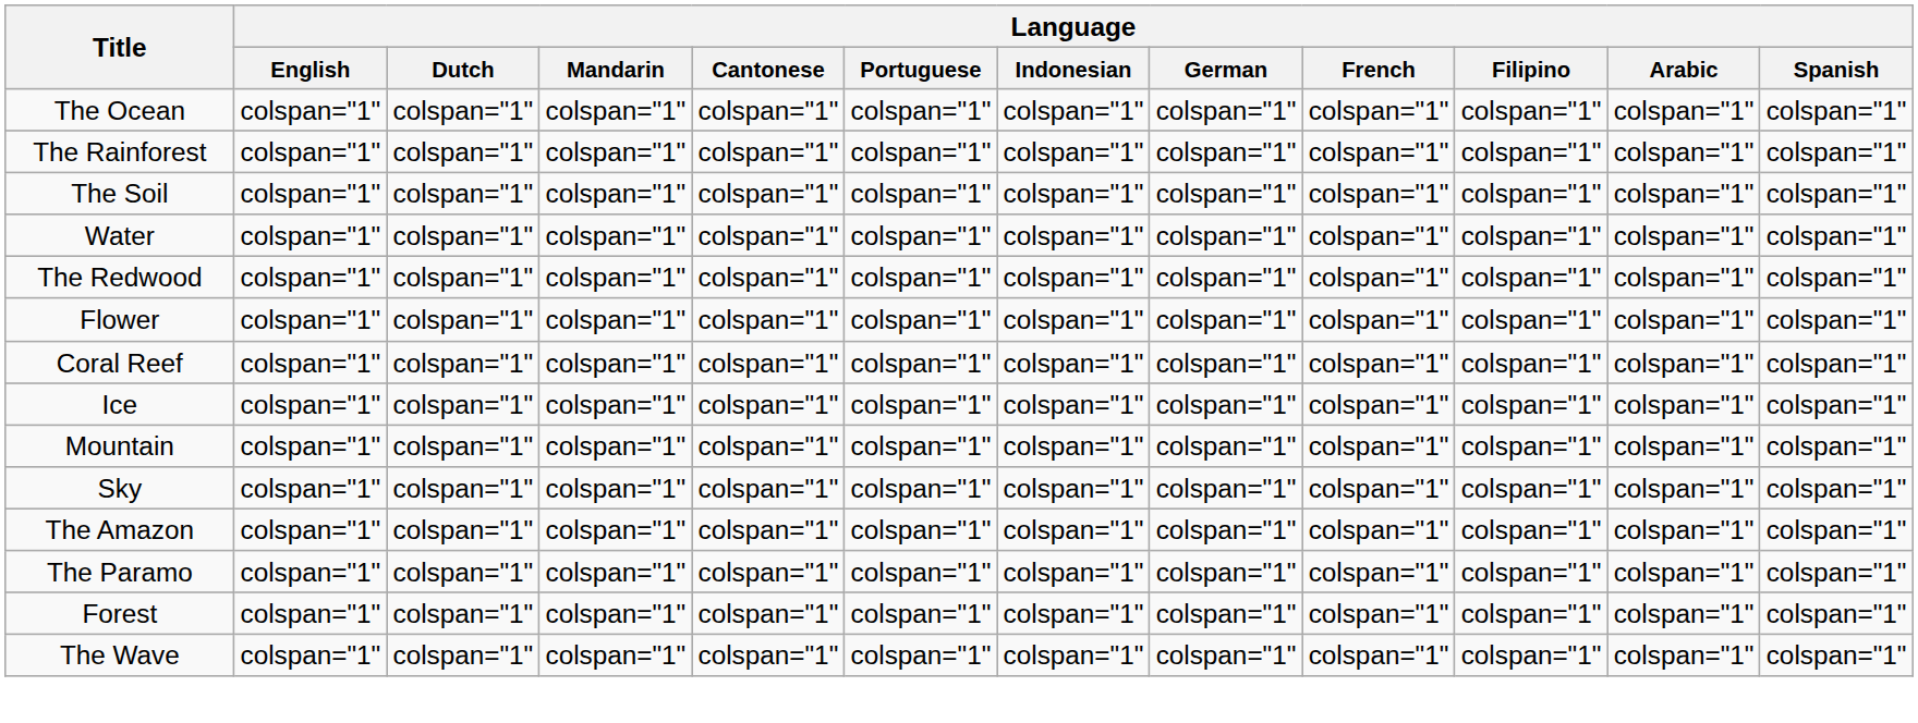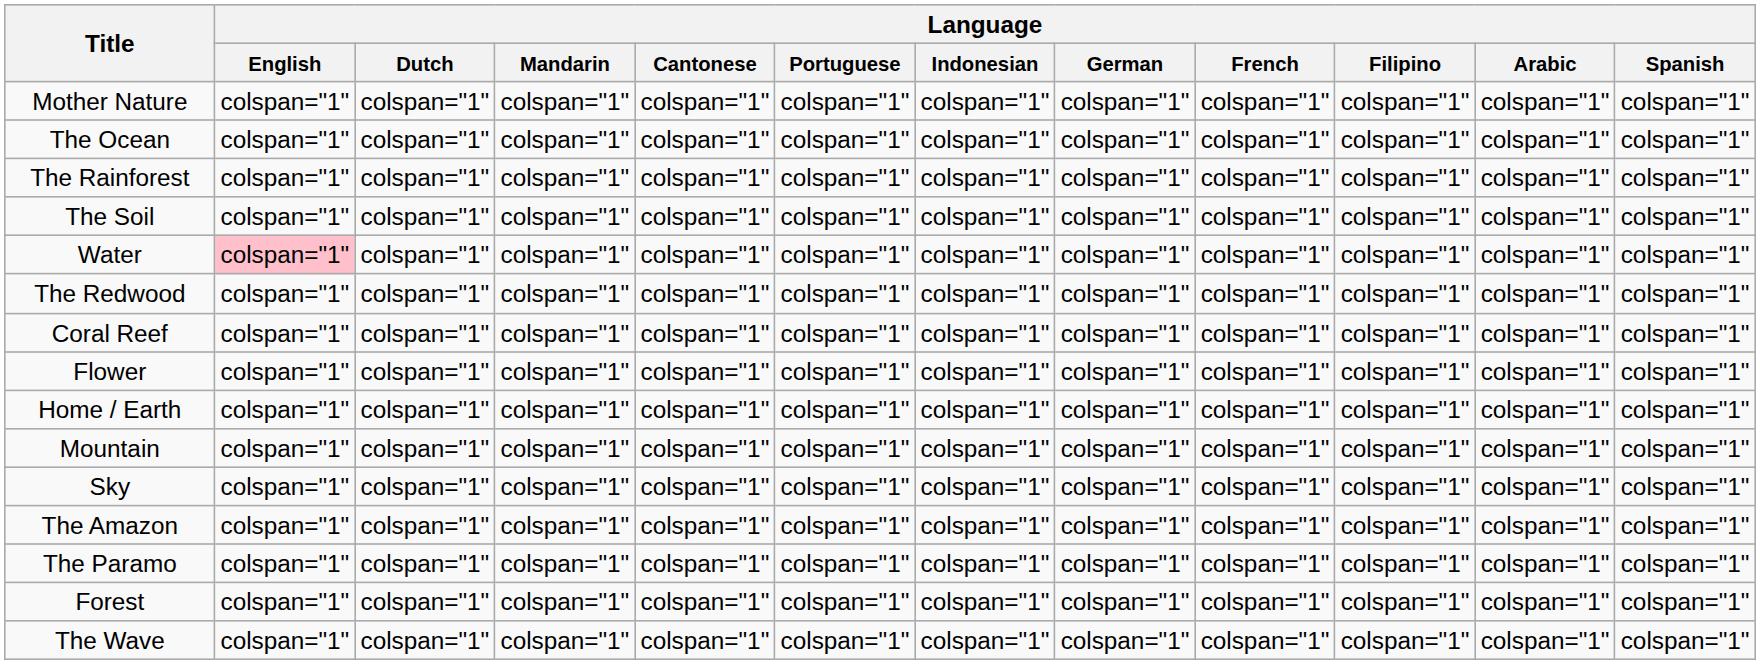 <table class="wikitable"style="font-size:95%">
 <tr>
 <th rowspan="2">Title</th>
 <th colspan="11">Language</th>
 </tr>
 <tr>
 <th style="width:8%;"><small>English</small></th>
 <th style="width:8%;"><small>Dutch</small></th>
 <th style="width:8%;"><small>Mandarin</small></th>
 <th style="width:8%;"><small>Cantonese</small></th>
 <th style="width:8%;"><small>Portuguese</small></th>
 <th style="width:8%;"><small>Indonesian</small></th>
 <th style="width:8%;"><small>German</small></th>
 <th style="width:8%;"><small>French</small></th>
 <th style="width:8%;"><small>Filipino</small></th>
 <th style="width:8%;"><small>Arabic</small></th>
 <th style="width:8%;"><small>Spanish</small></th>
+</tr>
+<tr>
+<td style="text-align: center;">Mother Nature</td>
+<td>colspan="1" </td>
+<td>colspan="1" </td>
+<td>colspan="1" </td>
+<td>colspan="1" </td>
+<td>colspan="1" </td>
+<td>colspan="1" </td>
+<td>colspan="1" </td>
+<td>colspan="1" </td>
+<td>colspan="1" </td>
+<td>colspan="1" </td>
+<td>colspan="1" </td>
 </tr>
 <tr>
 <td style="text-align: center;">The Ocean</td>
 <td>colspan="1" </td>
 <td>colspan="1" </td>
 <td>colspan="1" </td>
 <td>colspan="1" </td>
 <td>colspan="1" </td>
 <td>colspan="1" </td>
 <td>colspan="1" </td>
 <td>colspan="1" </td>
 <td>colspan="1" </td>
 <td>colspan="1" </td>
 <td>colspan="1" </td>
 </tr>
 <tr>
 <td style="text-align: center;">The Rainforest</td>
 <td>colspan="1" </td>
 <td>colspan="1" </td>
 <td>colspan="1" </td>
 <td>colspan="1" </td>
 <td>colspan="1" </td>
 <td>colspan="1" </td>
 <td>colspan="1" </td>
 <td>colspan="1" </td>
 <td>colspan="1" </td>
 <td>colspan="1" </td>
 <td>colspan="1" </td>
 </tr>
 <tr>
 <td style="text-align: center;">The Soil</td>
 <td>colspan="1" </td>
 <td>colspan="1" </td>
 <td>colspan="1" </td>
 <td>colspan="1" </td>
 <td>colspan="1" </td>
 <td>colspan="1" </td>
 <td>colspan="1" </td>
 <td>colspan="1" </td>
 <td>colspan="1" </td>
 <td>colspan="1" </td>
 <td>colspan="1" </td>
 </tr>
 <tr>
 <td style="text-align: center;">Water</td>
+<td style="background: pink;">colspan="1" </td>
+<td>colspan="1" </td>
+<td>colspan="1" </td>
+<td>colspan="1" </td>
+<td>colspan="1" </td>
+<td>colspan="1" </td>
+<td>colspan="1" </td>
+<td>colspan="1" </td>
+<td>colspan="1" </td>
+<td>colspan="1" </td>
+<td>colspan="1" </td>
+</tr>
+<tr>
+<td style="text-align: center;">The Redwood</td>
 <td>colspan="1" </td>
 <td>colspan="1" </td>
 <td>colspan="1" </td>
 <td>colspan="1" </td>
 <td>colspan="1" </td>
 <td>colspan="1" </td>
 <td>colspan="1" </td>
 <td>colspan="1" </td>
 <td>colspan="1" </td>
 <td>colspan="1" </td>
 <td>colspan="1" </td>
 </tr>
 <tr>
-<td style="text-align: center;">The Redwood</td>
+<td style="text-align: center;">Coral Reef</td>
 <td>colspan="1" </td>
 <td>colspan="1" </td>
 <td>colspan="1" </td>
 <td>colspan="1" </td>
 <td>colspan="1" </td>
 <td>colspan="1" </td>
 <td>colspan="1" </td>
 <td>colspan="1" </td>
 <td>colspan="1" </td>
 <td>colspan="1" </td>
 <td>colspan="1" </td>
 </tr>
 <tr>
 <td style="text-align: center;">Flower</td>
 <td>colspan="1" </td>
 <td>colspan="1" </td>
 <td>colspan="1" </td>
 <td>colspan="1" </td>
 <td>colspan="1" </td>
 <td>colspan="1" </td>
 <td>colspan="1" </td>
 <td>colspan="1" </td>
 <td>colspan="1" </td>
 <td>colspan="1" </td>
 <td>colspan="1" </td>
 </tr>
 <tr>
-<td style="text-align: center;">Coral Reef</td>
-<td>colspan="1" </td>
-<td>colspan="1" </td>
-<td>colspan="1" </td>
-<td>colspan="1" </td>
-<td>colspan="1" </td>
-<td>colspan="1" </td>
-<td>colspan="1" </td>
-<td>colspan="1" </td>
-<td>colspan="1" </td>
-<td>colspan="1" </td>
-<td>colspan="1" </td>
-</tr>
-<tr>
-<td style="text-align: center;">Ice</td>
+<td style="text-align: center;">Home / Earth</td>
 <td>colspan="1" </td>
 <td>colspan="1" </td>
 <td>colspan="1" </td>
 <td>colspan="1" </td>
 <td>colspan="1" </td>
 <td>colspan="1" </td>
 <td>colspan="1" </td>
 <td>colspan="1" </td>
 <td>colspan="1" </td>
 <td>colspan="1" </td>
 <td>colspan="1" </td>
 </tr>
 <tr>
 <td style="text-align: center;">Mountain</td>
 <td>colspan="1" </td>
 <td>colspan="1" </td>
 <td>colspan="1" </td>
 <td>colspan="1" </td>
 <td>colspan="1" </td>
 <td>colspan="1" </td>
 <td>colspan="1" </td>
 <td>colspan="1" </td>
 <td>colspan="1" </td>
 <td>colspan="1" </td>
 <td>colspan="1" </td>
 </tr>
 <tr>
 <td style="text-align: center;">Sky</td>
 <td>colspan="1" </td>
 <td>colspan="1" </td>
 <td>colspan="1" </td>
 <td>colspan="1" </td>
 <td>colspan="1" </td>
 <td>colspan="1" </td>
 <td>colspan="1" </td>
 <td>colspan="1" </td>
 <td>colspan="1" </td>
 <td>colspan="1" </td>
 <td>colspan="1" </td>
 </tr>
 <tr>
 <td style="text-align: center;">The Amazon</td>
 <td>colspan="1" </td>
 <td>colspan="1" </td>
 <td>colspan="1" </td>
 <td>colspan="1" </td>
 <td>colspan="1" </td>
 <td>colspan="1" </td>
 <td>colspan="1" </td>
 <td>colspan="1" </td>
 <td>colspan="1" </td>
 <td>colspan="1" </td>
 <td>colspan="1" </td>
 </tr>
 <tr>
 <td style="text-align: center;">The Paramo</td>
 <td>colspan="1" </td>
 <td>colspan="1" </td>
 <td>colspan="1" </td>
 <td>colspan="1" </td>
 <td>colspan="1" </td>
 <td>colspan="1" </td>
 <td>colspan="1" </td>
 <td>colspan="1" </td>
 <td>colspan="1" </td>
 <td>colspan="1" </td>
 <td>colspan="1" </td>
 </tr>
 <tr>
 <td style="text-align: center;">Forest</td>
 <td>colspan="1" </td>
 <td>colspan="1" </td>
 <td>colspan="1" </td>
 <td>colspan="1" </td>
 <td>colspan="1" </td>
 <td>colspan="1" </td>
 <td>colspan="1" </td>
 <td>colspan="1" </td>
 <td>colspan="1" </td>
 <td>colspan="1" </td>
 <td>colspan="1" </td>
 </tr>
 <tr>
 <td style="text-align: center;">The Wave</td>
 <td>colspan="1" </td>
 <td>colspan="1" </td>
 <td>colspan="1" </td>
 <td>colspan="1" </td>
 <td>colspan="1" </td>
 <td>colspan="1" </td>
 <td>colspan="1" </td>
 <td>colspan="1" </td>
 <td>colspan="1" </td>
 <td>colspan="1" </td>
 <td>colspan="1" </td>
 </tr>
 </table>
